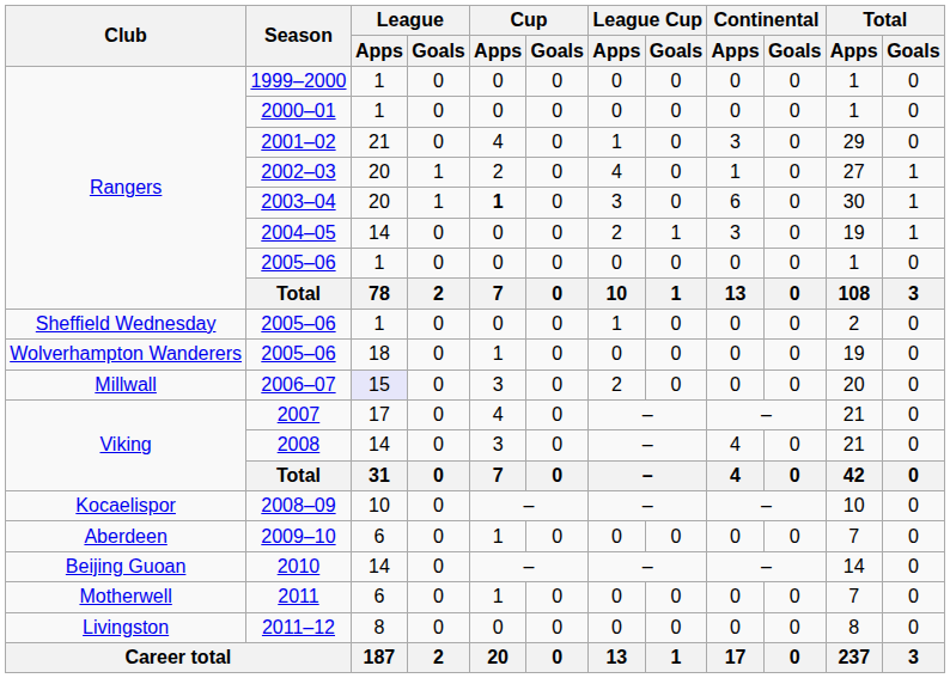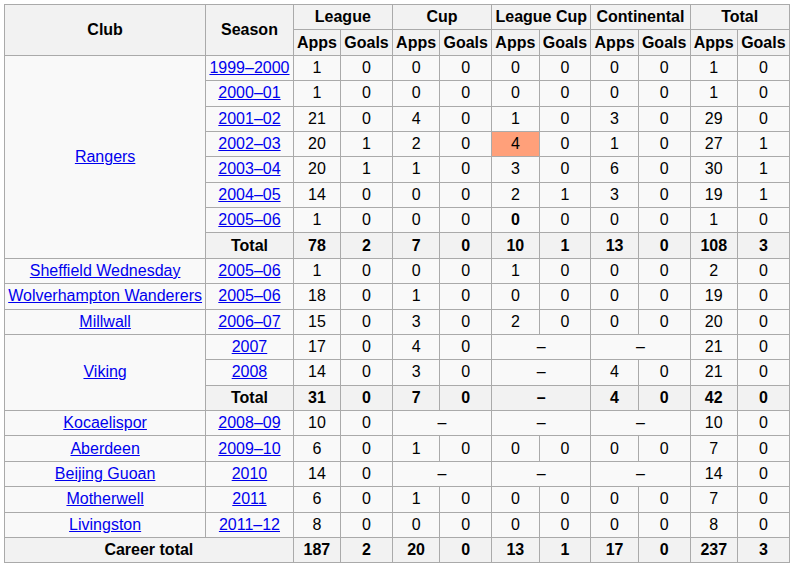 <table class="wikitable">
 <tr>
 <th rowspan=2>Club</th>
 <th rowspan=2>Season</th>
 <th colspan=2>League</th>
 <th colspan=2>Cup</th>
 <th colspan=2>League Cup</th>
 <th colspan=2>Continental</th>
 <th colspan=2>Total</th>
 </tr>
 <tr>
 <th>Apps</th>
 <th>Goals</th>
 <th>Apps</th>
 <th>Goals</th>
 <th>Apps</th>
 <th>Goals</th>
 <th>Apps</th>
 <th>Goals</th>
 <th>Apps</th>
 <th>Goals</th>
 </tr>
 <tr style="text-align: center">
 <td rowspan=8><a href='#'>Rangers</a></td>
 <td><a href='#'>1999–2000</a></td>
 <td>1</td>
 <td>0</td>
 <td>0</td>
 <td>0</td>
 <td>0</td>
 <td>0</td>
 <td>0</td>
 <td>0</td>
 <td>1</td>
 <td>0</td>
 </tr>
 <tr style="text-align: center">
 <td><a href='#'>2000–01</a></td>
 <td>1</td>
 <td>0</td>
 <td>0</td>
 <td>0</td>
 <td>0</td>
 <td>0</td>
 <td>0</td>
 <td>0</td>
 <td>1</td>
 <td>0</td>
 </tr>
 <tr style="text-align: center">
 <td><a href='#'>2001–02</a></td>
 <td>21</td>
 <td>0</td>
 <td>4</td>
 <td>0</td>
 <td>1</td>
 <td>0</td>
 <td>3</td>
 <td>0</td>
 <td>29</td>
 <td>0</td>
 </tr>
 <tr style="text-align: center">
 <td><a href='#'>2002–03</a></td>
 <td>20</td>
 <td>1</td>
 <td>2</td>
 <td>0</td>
-<td>4</td>
+<td style="background: lightsalmon;">4</td>
 <td>0</td>
 <td>1</td>
 <td>0</td>
 <td>27</td>
 <td>1</td>
 </tr>
 <tr style="text-align: center">
 <td><a href='#'>2003–04</a></td>
 <td>20</td>
 <td>1</td>
-<td><strong>1</strong></td>
+<td>1</td>
 <td>0</td>
 <td>3</td>
 <td>0</td>
 <td>6</td>
 <td>0</td>
 <td>30</td>
 <td>1</td>
 </tr>
 <tr style="text-align: center">
 <td><a href='#'>2004–05</a></td>
 <td>14</td>
 <td>0</td>
 <td>0</td>
 <td>0</td>
 <td>2</td>
 <td>1</td>
 <td>3</td>
 <td>0</td>
 <td>19</td>
 <td>1</td>
 </tr>
 <tr style="text-align: center">
 <td><a href='#'>2005–06</a></td>
 <td>1</td>
 <td>0</td>
 <td>0</td>
 <td>0</td>
-<td>0</td>
+<td><strong>0</strong></td>
 <td>0</td>
 <td>0</td>
 <td>0</td>
 <td>1</td>
 <td>0</td>
 </tr>
 <tr style="text-align: center">
 <th>Total</th>
 <th>78</th>
 <th>2</th>
 <th>7</th>
 <th>0</th>
 <th>10</th>
 <th>1</th>
 <th>13</th>
 <th>0</th>
 <th>108</th>
 <th>3</th>
 </tr>
 <tr style="text-align: center">
 <td><a href='#'>Sheffield Wednesday</a></td>
 <td><a href='#'>2005–06</a></td>
 <td>1</td>
 <td>0</td>
 <td>0</td>
 <td>0</td>
 <td>1</td>
 <td>0</td>
 <td>0</td>
 <td>0</td>
 <td>2</td>
 <td>0</td>
 </tr>
 <tr style="text-align: center">
 <td><a href='#'>Wolverhampton Wanderers</a></td>
 <td><a href='#'>2005–06</a></td>
 <td>18</td>
 <td>0</td>
 <td>1</td>
 <td>0</td>
 <td>0</td>
 <td>0</td>
 <td>0</td>
 <td>0</td>
 <td>19</td>
 <td>0</td>
 </tr>
 <tr style="text-align: center">
 <td><a href='#'>Millwall</a></td>
 <td><a href='#'>2006–07</a></td>
-<td style="background: lavender;">15</td>
+<td>15</td>
 <td>0</td>
 <td>3</td>
 <td>0</td>
 <td>2</td>
 <td>0</td>
 <td>0</td>
 <td>0</td>
 <td>20</td>
 <td>0</td>
 </tr>
 <tr style="text-align: center">
 <td rowspan=3><a href='#'>Viking</a></td>
 <td><a href='#'>2007</a></td>
 <td>17</td>
 <td>0</td>
 <td>4</td>
 <td>0</td>
 <td colspan="2">–</td>
 <td colspan="2">–</td>
 <td>21</td>
 <td>0</td>
 </tr>
 <tr style="text-align: center">
 <td><a href='#'>2008</a></td>
 <td>14</td>
 <td>0</td>
 <td>3</td>
 <td>0</td>
 <td colspan="2">–</td>
 <td>4</td>
 <td>0</td>
 <td>21</td>
 <td>0</td>
 </tr>
 <tr style="text-align: center">
 <th>Total</th>
 <th>31</th>
 <th>0</th>
 <th>7</th>
 <th>0</th>
 <th colspan="2">–</th>
 <th>4</th>
 <th>0</th>
 <th>42</th>
 <th>0</th>
 </tr>
 <tr style="text-align: center">
 <td><a href='#'>Kocaelispor</a></td>
 <td><a href='#'>2008–09</a></td>
 <td>10</td>
 <td>0</td>
 <td colspan="2">–</td>
 <td colspan="2">–</td>
 <td colspan="2">–</td>
 <td>10</td>
 <td>0</td>
 </tr>
 <tr style="text-align: center">
 <td><a href='#'>Aberdeen</a></td>
 <td><a href='#'>2009–10</a></td>
 <td>6</td>
 <td>0</td>
 <td>1</td>
 <td>0</td>
 <td>0</td>
 <td>0</td>
 <td>0</td>
 <td>0</td>
 <td>7</td>
 <td>0</td>
 </tr>
 <tr style="text-align: center">
 <td><a href='#'>Beijing Guoan</a></td>
 <td><a href='#'>2010</a></td>
 <td>14</td>
 <td>0</td>
 <td colspan="2">–</td>
 <td colspan="2">–</td>
 <td colspan="2">–</td>
 <td>14</td>
 <td>0</td>
 </tr>
 <tr style="text-align: center">
 <td><a href='#'>Motherwell</a></td>
 <td><a href='#'>2011</a></td>
 <td>6</td>
 <td>0</td>
 <td>1</td>
 <td>0</td>
 <td>0</td>
 <td>0</td>
 <td>0</td>
 <td>0</td>
 <td>7</td>
 <td>0</td>
 </tr>
 <tr style="text-align: center">
 <td><a href='#'>Livingston</a></td>
 <td><a href='#'>2011–12</a></td>
 <td>8</td>
 <td>0</td>
 <td>0</td>
 <td>0</td>
 <td>0</td>
 <td>0</td>
 <td>0</td>
 <td>0</td>
 <td>8</td>
 <td>0</td>
 </tr>
 <tr style="text-align: center">
 <th colspan=2>Career total</th>
 <th>187</th>
 <th>2</th>
 <th>20</th>
 <th>0</th>
 <th>13</th>
 <th>1</th>
 <th>17</th>
 <th>0</th>
 <th>237</th>
 <th>3</th>
 </tr>
 </table>
